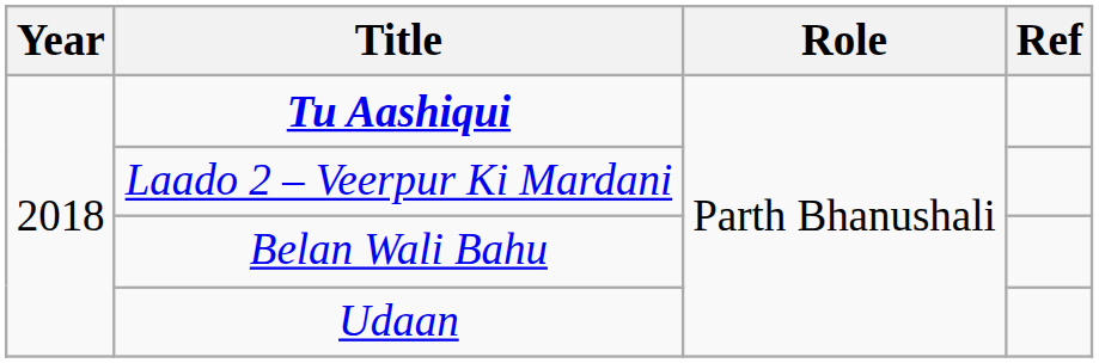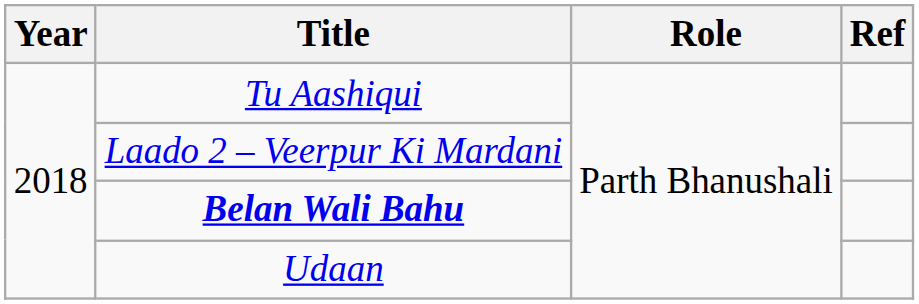 <table class="wikitable" style="text-align:center">
 <tr>
 <th>Year</th>
 <th>Title</th>
 <th>Role</th>
 <th>Ref</th>
 </tr>
 <tr>
 <td rowspan=4>2018</td>
-<td><strong><em><a href='#'>Tu Aashiqui</a></em></strong></td>
+<td><em><a href='#'>Tu Aashiqui</a></em></td>
 <td rowspan=4>Parth Bhanushali</td>
 <td></td>
 </tr>
 <tr>
 <td><em><a href='#'>Laado 2 – Veerpur Ki Mardani</a></em></td>
 <td></td>
 </tr>
 <tr>
-<td><em><a href='#'>Belan Wali Bahu</a></em></td>
+<td><strong><em><a href='#'>Belan Wali Bahu</a></em></strong></td>
 <td></td>
 </tr>
 <tr>
 <td><em><a href='#'>Udaan</a></em></td>
 <td></td>
 </tr>
 </table>
